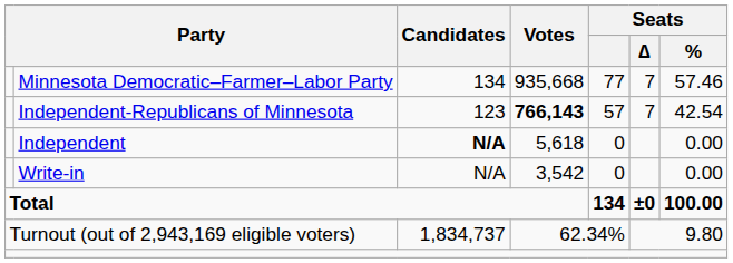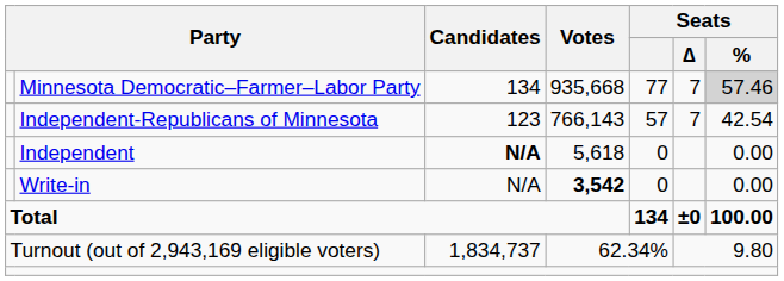 <table class="wikitable">
 <tr>
 <th rowspan="2" colspan="2">Party</th>
 <th rowspan="2">Candidates</th>
 <th rowspan="2" colspan="1">Votes</th>
 <th colspan="3">Seats</th>
 </tr>
 <tr>
 <th></th>
 <th>∆</th>
 <th>%</th>
 </tr>
 <tr>
 <td style="background-color:"></td>
 <td><a href='#'>Minnesota Democratic–Farmer–Labor Party</a></td>
 <td align="right">134</td>
 <td align="right">935,668</td>
 <td align="right">77</td>
 <td align="right">7</td>
-<td align="right">57.46</td>
+<td align="right" style="background: lightgrey;">57.46</td>
 </tr>
 <tr>
 <td style="background-color:"></td>
 <td><a href='#'>Independent-Republicans of Minnesota</a></td>
 <td align="right">123</td>
-<td align="right"><strong>766,143</strong></td>
+<td align="right">766,143</td>
 <td align="right">57</td>
 <td align="right">7</td>
 <td align="right">42.54</td>
 </tr>
 <tr>
 <td style="background-color:"></td>
 <td><a href='#'>Independent</a></td>
 <td align="right"><strong>N/A</strong></td>
 <td align="right">5,618</td>
 <td align="right">0</td>
 <td align="right"></td>
 <td align=right>0.00</td>
 </tr>
 <tr>
 <td style="background-color:"></td>
 <td><a href='#'>Write-in</a></td>
 <td align="right">N/A</td>
-<td align="right">3,542</td>
+<td align="right"><strong>3,542</strong></td>
 <td align="right">0</td>
 <td align="right"></td>
 <td align=right>0.00</td>
 </tr>
 <tr>
 <td colspan="4" align="left"><strong>Total</strong></td>
 <td align="right"><strong>134</strong></td>
 <td align="right"><strong>±0</strong></td>
 <td align="right"><strong>100.00</strong></td>
 </tr>
 <tr>
 <td colspan="2" align="left">Turnout (out of 2,943,169 eligible voters)</td>
 <td colspan="1" align="right">1,834,737</td>
 <td colspan="2" align="right">62.34%</td>
 <td colspan="2" align="right">9.80 </td>
 </tr>
 <tr>
 <td colspan="7"></td>
 </tr>
 </table>
